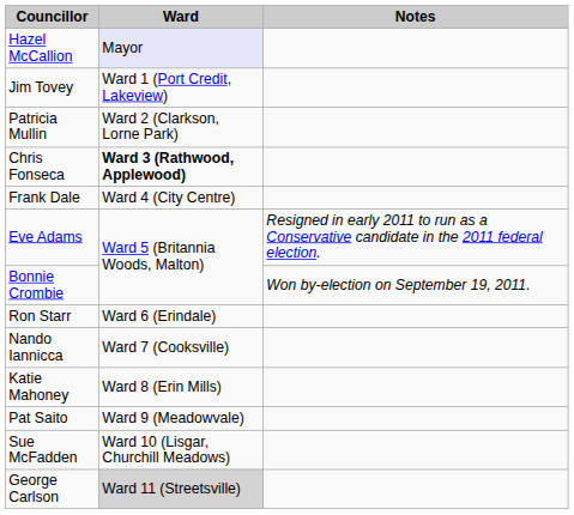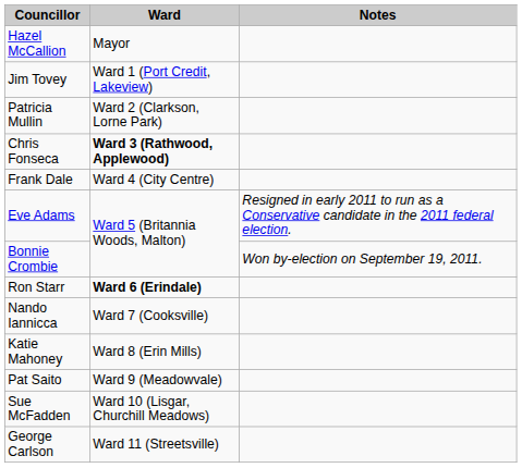 <table class="wikitable" width=70%>
 <tr>
 <th style="background:#cccccc;"><strong>Councillor</strong></th>
 <th style="background:#cccccc;"><strong>Ward</strong></th>
 <th style="background:#cccccc;"><strong>Notes</strong></th>
 </tr>
 <tr>
 <td><a href='#'>Hazel McCallion</a></td>
-<td style="background: lavender;">Mayor</td>
+<td>Mayor</td>
 <td></td>
 </tr>
 <tr>
 <td>Jim Tovey</td>
 <td>Ward 1 (<a href='#'>Port Credit</a>, <a href='#'>Lakeview</a>)</td>
 <td></td>
 </tr>
 <tr>
 <td>Patricia Mullin</td>
 <td>Ward 2 (Clarkson, Lorne Park)</td>
 <td></td>
 </tr>
 <tr>
 <td>Chris Fonseca</td>
 <td><strong>Ward 3 (Rathwood, Applewood)</strong></td>
 <td></td>
 </tr>
 <tr>
 <td>Frank Dale</td>
 <td>Ward 4 (City Centre)</td>
 <td></td>
 </tr>
 <tr>
 <td><a href='#'>Eve Adams</a></td>
 <td rowspan=2><a href='#'>Ward 5</a> (Britannia Woods, Malton)</td>
 <td><em>Resigned in early 2011 to run as a <a href='#'>Conservative</a> candidate in the <a href='#'>2011 federal election</a>.</em></td>
 </tr>
 <tr>
 <td><a href='#'>Bonnie Crombie</a></td>
 <td><em>Won by-election on September 19, 2011.</em></td>
 </tr>
 <tr>
 <td>Ron Starr</td>
-<td>Ward 6 (Erindale)</td>
+<td><strong>Ward 6 (Erindale)</strong></td>
 <td></td>
 </tr>
 <tr>
 <td>Nando Iannicca</td>
 <td>Ward 7 (Cooksville)</td>
 <td></td>
 </tr>
 <tr>
 <td>Katie Mahoney</td>
 <td>Ward 8 (Erin Mills)</td>
 <td></td>
 </tr>
 <tr>
 <td>Pat Saito</td>
 <td>Ward 9 (Meadowvale)</td>
 <td></td>
 </tr>
 <tr>
 <td>Sue McFadden</td>
 <td>Ward 10 (Lisgar, Churchill Meadows)</td>
 <td></td>
 </tr>
 <tr>
 <td>George Carlson</td>
-<td style="background: lightgrey;">Ward 11 (Streetsville)</td>
+<td>Ward 11 (Streetsville)</td>
 <td></td>
 </tr>
 </table>
